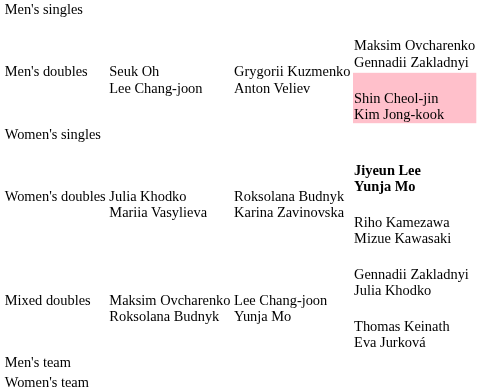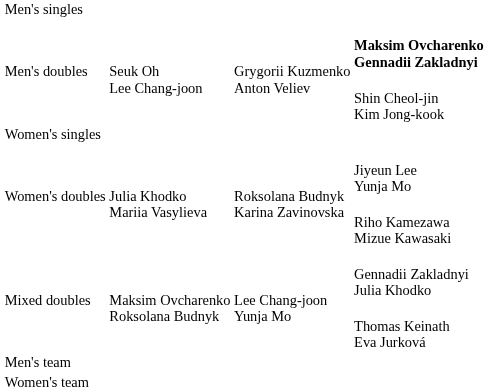 <table>
 <tr>
 <td rowspan=2>Men's singles</td>
 <td rowspan=2></td>
 <td rowspan=2></td>
 <td></td>
 </tr>
 <tr>
 <td></td>
 </tr>
 <tr>
 <td rowspan=2>Men's doubles</td>
 <td rowspan=2><br>Seuk Oh<br>Lee Chang-joon</td>
 <td rowspan=2><br>Grygorii Kuzmenko<br>Anton Veliev</td>
-<td><br>Maksim Ovcharenko<br>Gennadii Zakladnyi</td>
+<td><strong><br>Maksim Ovcharenko<br>Gennadii Zakladnyi</strong></td>
 </tr>
 <tr>
-<td style="background: pink;"><br>Shin Cheol-jin<br>Kim Jong-kook</td>
+<td><br>Shin Cheol-jin<br>Kim Jong-kook</td>
 </tr>
 <tr>
 <td rowspan=2>Women's singles</td>
 <td rowspan=2></td>
 <td rowspan=2></td>
 <td></td>
 </tr>
 <tr>
 <td></td>
 </tr>
 <tr>
 <td rowspan=2>Women's doubles</td>
 <td rowspan=2><br>Julia Khodko<br>Mariia Vasylieva</td>
 <td rowspan=2><br>Roksolana Budnyk<br>Karina Zavinovska</td>
-<td><strong><br>Jiyeun Lee<br>Yunja Mo</strong></td>
+<td><br>Jiyeun Lee<br>Yunja Mo</td>
 </tr>
 <tr>
 <td><br>Riho Kamezawa<br>Mizue Kawasaki</td>
 </tr>
 <tr>
 <td rowspan=2>Mixed doubles</td>
 <td rowspan=2><br>Maksim Ovcharenko<br>Roksolana Budnyk</td>
 <td rowspan=2><br>Lee Chang-joon<br>Yunja Mo</td>
 <td><br>Gennadii Zakladnyi<br>Julia Khodko</td>
 </tr>
 <tr>
 <td><br>Thomas Keinath<br>Eva Jurková</td>
 </tr>
 <tr>
 <td rowspan=2>Men's team</td>
 <td rowspan=2></td>
 <td rowspan=2></td>
 <td></td>
 </tr>
 <tr>
 <td></td>
 </tr>
 <tr>
 <td rowspan=2>Women's team</td>
 <td rowspan=2></td>
 <td rowspan=2></td>
 <td></td>
 </tr>
 <tr>
 <td></td>
 </tr>
 </table>
